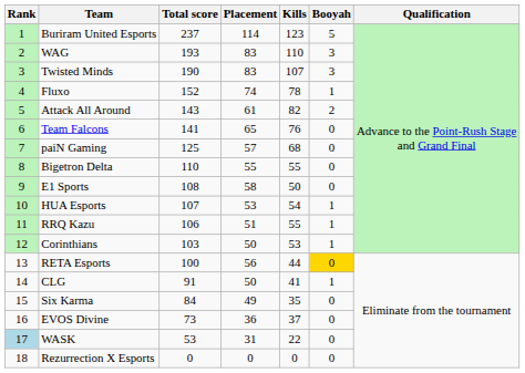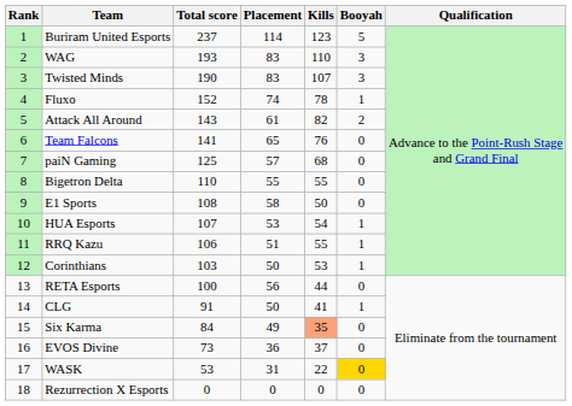 <table class="wikitable" style="text-align:center">
 <tr>
 <th>Rank</th>
 <th>Team</th>
 <th>Total score</th>
 <th>Placement</th>
 <th>Kills</th>
 <th>Booyah</th>
 <th>Qualification</th>
 </tr>
 <tr>
 <td style="background:#BBF3BB">1</td>
 <td align=left> Buriram United Esports</td>
 <td>237</td>
 <td>114</td>
 <td>123</td>
 <td>5</td>
 <td rowspan="12" style="background:#BBF3BB">Advance to the <a href='#'>Point-Rush Stage</a> <br> and <a href='#'>Grand Final</a></td>
 </tr>
 <tr>
 <td style="background:#BBF3BB">2</td>
 <td align=left> WAG</td>
 <td>193</td>
 <td>83</td>
 <td>110</td>
 <td>3</td>
 </tr>
 <tr>
 <td style="background:#BBF3BB">3</td>
 <td align=left> Twisted Minds</td>
 <td>190</td>
 <td>83</td>
 <td>107</td>
 <td>3</td>
 </tr>
 <tr>
 <td style="background:#BBF3BB">4</td>
 <td align=left nowarp> Fluxo</td>
 <td>152</td>
 <td>74</td>
 <td>78</td>
 <td>1</td>
 </tr>
 <tr>
 <td style="background:#BBF3BB">5</td>
 <td align=left> Attack All Around</td>
 <td>143</td>
 <td>61</td>
 <td>82</td>
 <td>2</td>
 </tr>
 <tr>
 <td style="background:#BBF3BB">6</td>
 <td align=left> <a href='#'>Team Falcons</a></td>
 <td>141</td>
 <td>65</td>
 <td>76</td>
 <td>0</td>
 </tr>
 <tr>
 <td style="background:#BBF3BB">7</td>
 <td align=left> paiN Gaming</td>
 <td>125</td>
 <td>57</td>
 <td>68</td>
 <td>0</td>
 </tr>
 <tr>
 <td style="background:#BBF3BB">8</td>
 <td align=left> Bigetron Delta</td>
 <td>110</td>
 <td>55</td>
 <td>55</td>
 <td>0</td>
 </tr>
 <tr>
 <td style="background:#BBF3BB">9</td>
 <td align=left> E1 Sports</td>
 <td>108</td>
 <td>58</td>
 <td>50</td>
 <td>0</td>
 </tr>
 <tr>
 <td style="background:#BBF3BB">10</td>
 <td align=left> HUA Esports</td>
 <td>107</td>
 <td>53</td>
 <td>54</td>
 <td>1</td>
 </tr>
 <tr>
 <td style="background:#BBF3BB">11</td>
 <td align=left> RRQ Kazu</td>
 <td>106</td>
 <td>51</td>
 <td>55</td>
 <td>1</td>
 </tr>
 <tr>
 <td style="background:#BBF3BB">12</td>
 <td align=left> Corinthians</td>
 <td>103</td>
 <td>50</td>
 <td>53</td>
 <td>1</td>
 </tr>
 <tr>
 <td>13</td>
 <td align=left> RETA Esports</td>
 <td>100</td>
 <td>56</td>
 <td>44</td>
-<td style="background: gold;">0</td>
+<td>0</td>
 <td rowspan="6">Eliminate from the tournament</td>
 </tr>
 <tr>
 <td>14</td>
 <td align=left> CLG</td>
 <td>91</td>
 <td>50</td>
 <td>41</td>
 <td>1</td>
 </tr>
 <tr>
 <td>15</td>
 <td align=left> Six Karma</td>
 <td>84</td>
 <td>49</td>
-<td>35</td>
+<td style="background: lightsalmon;">35</td>
 <td>0</td>
 </tr>
 <tr>
 <td>16</td>
 <td align=left> EVOS Divine</td>
 <td>73</td>
 <td>36</td>
 <td>37</td>
 <td>0</td>
 </tr>
 <tr>
-<td style="background: lightblue;">17</td>
+<td>17</td>
 <td align=left> WASK</td>
 <td>53</td>
 <td>31</td>
 <td>22</td>
-<td>0</td>
+<td style="background: gold;">0</td>
 </tr>
 <tr>
 <td>18</td>
 <td align=left> Rezurrection X Esports</td>
 <td>0</td>
 <td>0</td>
 <td>0</td>
 <td>0</td>
 </tr>
 </table>
